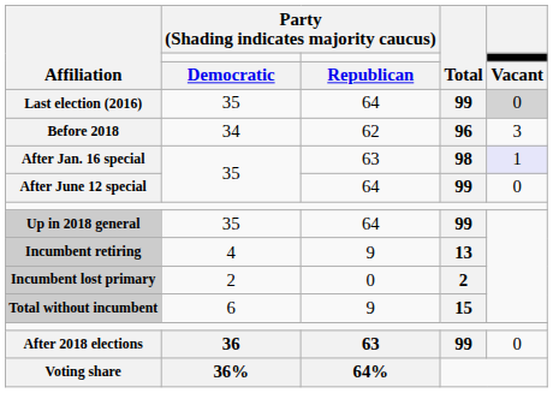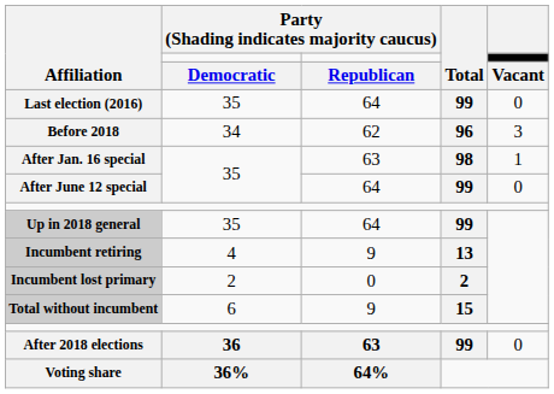 <table class=wikitable style="text-align:center">
 <tr style="vertical-align:bottom;">
 <th rowspan=3>Affiliation</th>
 <th colspan=2>Party <div>(Shading indicates majority caucus)</div></th>
 <th rowspan=3>Total</th>
 <th></th>
 </tr>
 <tr style="height:5px">
 <td style="background-color:"></td>
 <td style="background-color:"></td>
 <td style="background-color:black"></td>
 </tr>
 <tr>
 <th><a href='#'>Democratic</a></th>
 <th><a href='#'>Republican</a></th>
 <th>Vacant</th>
 </tr>
 <tr>
 <th nowrap style="font-size:80%">Last election (2016)</th>
 <td>35</td>
 <td>64</td>
 <th>99</th>
-<td style="background: lightgrey;">0</td>
+<td>0</td>
 </tr>
 <tr>
 <th nowrap style="font-size:80%">Before 2018</th>
 <td>34</td>
 <td>62</td>
 <th>96</th>
 <td>3</td>
 </tr>
 <tr>
 <th nowrap style="font-size:80%">After Jan. 16 special</th>
 <td rowspan="2">35</td>
 <td>63</td>
 <th>98</th>
-<td style="background: lavender;">1</td>
+<td>1</td>
 </tr>
 <tr>
 <th nowrap style="font-size:80%">After June 12 special</th>
 <td>64</td>
 <th>99</th>
 <td>0</td>
 </tr>
 <tr>
 <td colspan=99></td>
 </tr>
 <tr>
 <th nowrap style="font-size:80%; background:#ccc">Up in 2018 general</th>
 <td>35</td>
 <td>64</td>
 <th>99</th>
 <td rowspan="4"></td>
 </tr>
 <tr>
 <th nowrap style="font-size:80%; background:#ccc">Incumbent retiring</th>
 <td>4</td>
 <td>9</td>
 <th>13</th>
 </tr>
 <tr>
 <th nowrap style="font-size:80%; background:#ccc">Incumbent lost primary</th>
 <td>2</td>
 <td>0</td>
 <th>2</th>
 </tr>
 <tr>
 <th nowrap style="font-size:80%; background:#ccc">Total without incumbent</th>
 <td>6</td>
 <td>9</td>
 <th>15</th>
 </tr>
 <tr>
 <td colspan=99></td>
 </tr>
 <tr>
 <th nowrap style="font-size:80%">After 2018 elections</th>
 <th>36</th>
 <th>63</th>
 <th>99</th>
 <td>0</td>
 </tr>
 <tr>
 <th nowrap style="font-size:80%">Voting share</th>
 <th>36%</th>
 <th>64%</th>
 <td colspan="2"></td>
 </tr>
 </table>
